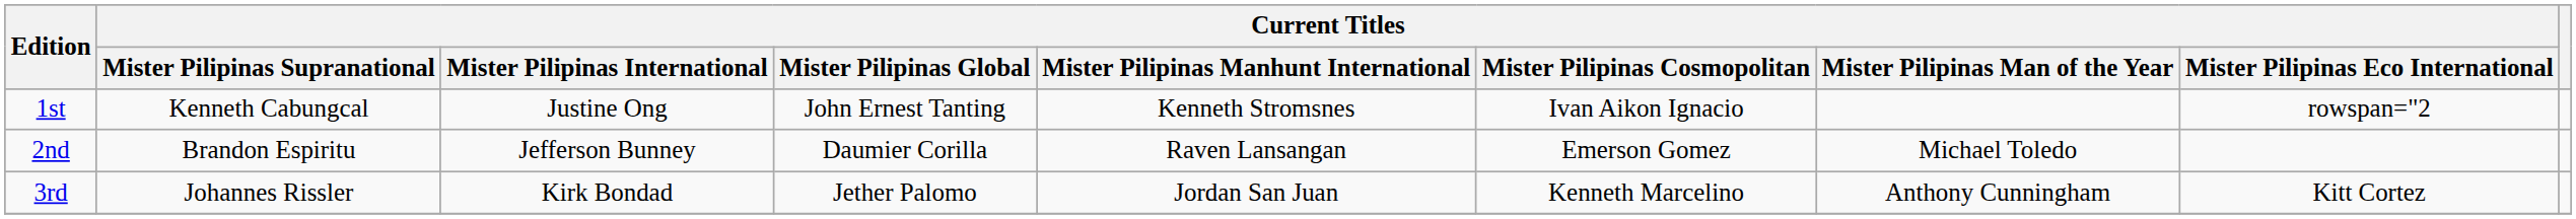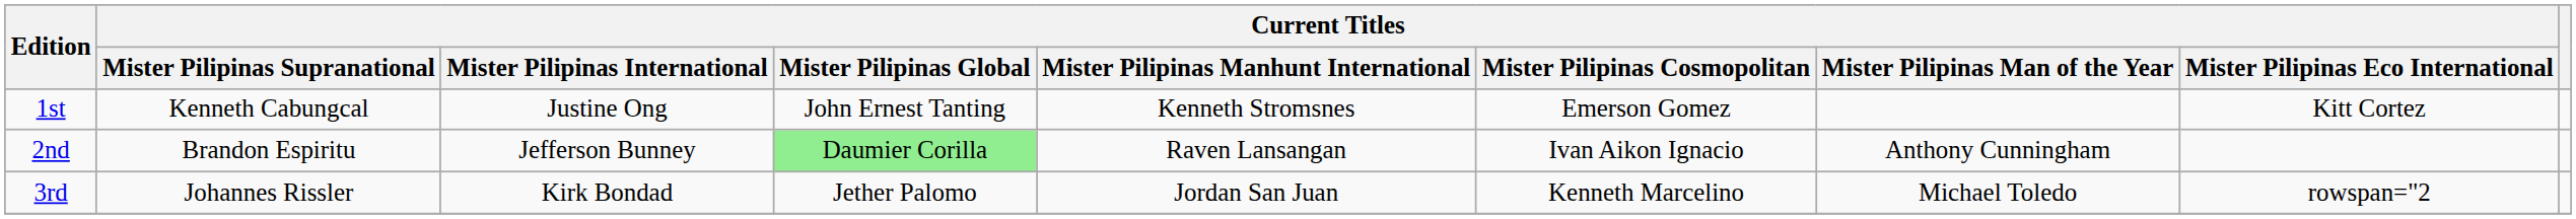 <table class="wikitable" style="text-align:center;font-size:90%;">
 <tr>
 <th rowspan="2">Edition</th>
 <th colspan="7">Current Titles</th>
 <th rowspan="2"></th>
 </tr>
 <tr>
 <th>Mister Pilipinas Supranational</th>
 <th>Mister Pilipinas International</th>
 <th>Mister Pilipinas Global</th>
 <th>Mister Pilipinas Manhunt International</th>
 <th>Mister Pilipinas Cosmopolitan</th>
 <th>Mister Pilipinas Man of the Year</th>
 <th>Mister Pilipinas Eco International</th>
 </tr>
 <tr>
 <td><a href='#'>1st</a></td>
 <td>Kenneth Cabungcal<br><em></em></td>
 <td>Justine Ong<br><em></em></td>
 <td>John Ernest Tanting<br><em></em></td>
 <td>Kenneth Stromsnes<br><em></em></td>
-<td>Ivan Aikon Ignacio<br><em></em></td>
+<td>Emerson Gomez<br><em></em></td>
 <td></td>
-<td>rowspan="2 </td>
+<td>Kitt Cortez<br><em></em></td>
 <td></td>
 </tr>
 <tr>
 <td><a href='#'>2nd</a></td>
 <td>Brandon Espiritu<br><em></em></td>
 <td>Jefferson Bunney<br><em></em></td>
-<td>Daumier Corilla<br><em></em></td>
+<td style="background: lightgreen;">Daumier Corilla<br><em></em></td>
 <td>Raven Lansangan<br><em></em></td>
-<td>Emerson Gomez<br><em></em></td>
-<td>Michael Toledo<br><em></em></td>
+<td>Ivan Aikon Ignacio<br><em></em></td>
+<td>Anthony Cunningham<br><em></em></td>
 <td></td>
 </tr>
 <tr>
 <td><a href='#'>3rd</a></td>
 <td>Johannes Rissler<br><em></em></td>
 <td>Kirk Bondad<br><em></em></td>
 <td>Jether Palomo<br><em></em></td>
 <td>Jordan San Juan<br><em></em></td>
 <td>Kenneth Marcelino<br><em></em></td>
-<td>Anthony Cunningham<br><em></em></td>
-<td>Kitt Cortez<br><em></em></td>
+<td>Michael Toledo<br><em></em></td>
+<td>rowspan="2 </td>
 <td></td>
 </tr>
 <tr>
 </tr>
 </table>
